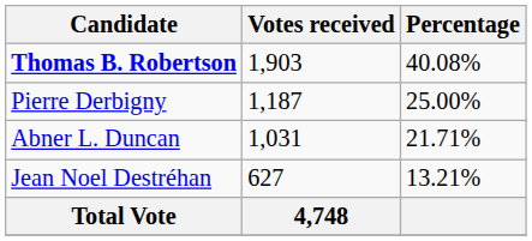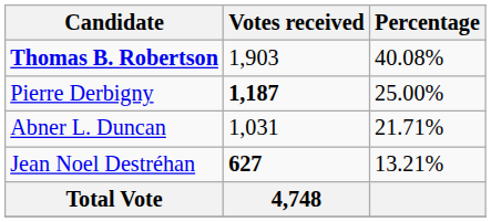 <table class="wikitable">
 <tr>
 <th>Candidate</th>
 <th>Votes received</th>
 <th>Percentage</th>
 </tr>
 <tr>
 <td><strong><a href='#'>Thomas B. Robertson</a></strong></td>
 <td>1,903</td>
 <td>40.08%</td>
 </tr>
 <tr>
 <td><a href='#'>Pierre Derbigny</a></td>
-<td>1,187</td>
+<td><strong>1,187</strong></td>
 <td>25.00%</td>
 </tr>
 <tr>
 <td><a href='#'>Abner L. Duncan</a></td>
 <td>1,031</td>
 <td>21.71%</td>
 </tr>
 <tr>
 <td><a href='#'>Jean Noel Destréhan</a></td>
-<td>627</td>
+<td><strong>627</strong></td>
 <td>13.21%</td>
 </tr>
 <tr>
 <th>Total Vote</th>
 <th>4,748</th>
 <th></th>
 </tr>
 <tr>
 </tr>
 </table>
